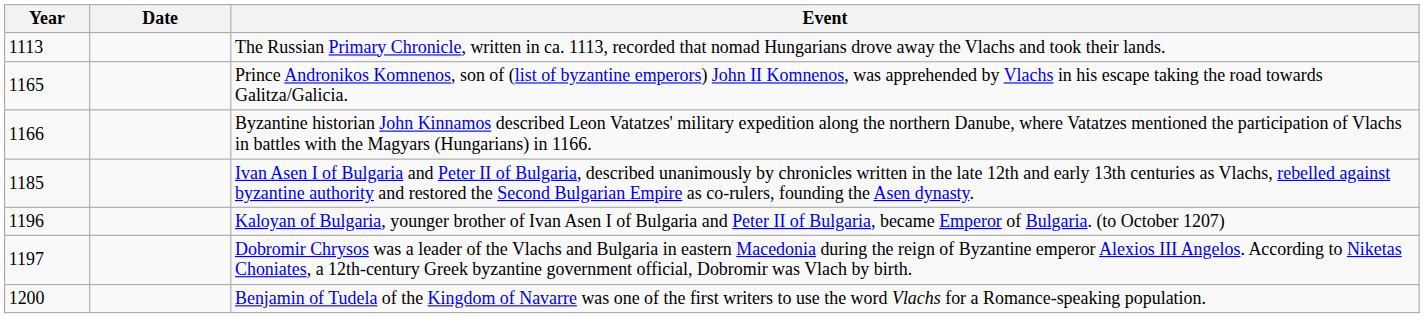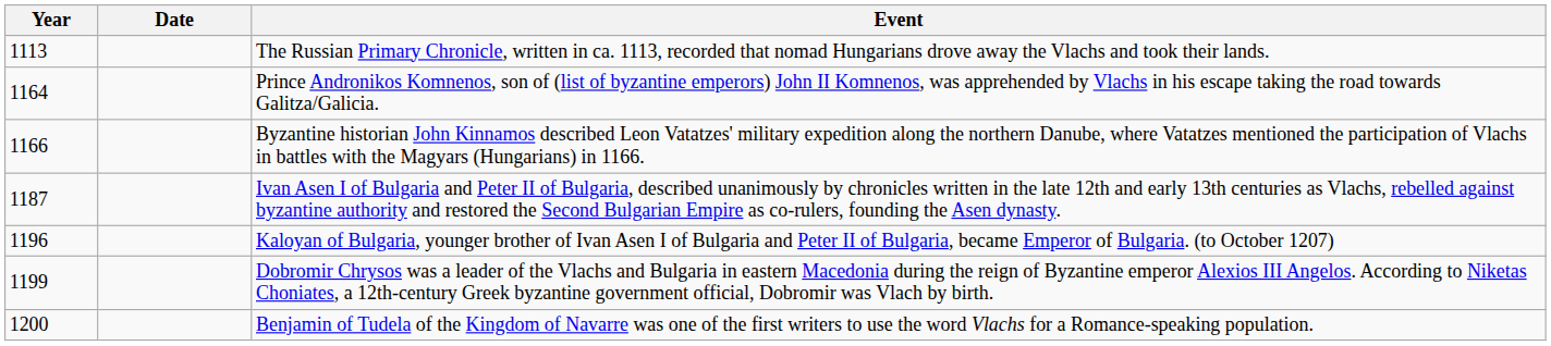 <table class="wikitable" width="100%">
 <tr>
 <th style="width:6%">Year</th>
 <th style="width:10%">Date</th>
 <th>Event</th>
 </tr>
 <tr>
 <td>1113</td>
 <td></td>
 <td>The Russian <a href='#'>Primary Chronicle</a>, written in ca. 1113, recorded that nomad Hungarians drove away the Vlachs and took their lands.</td>
 </tr>
 <tr>
-<td>1165</td>
+<td>1164</td>
 <td></td>
 <td>Prince <a href='#'>Andronikos Komnenos</a>, son of (<a href='#'>list of byzantine emperors</a>) <a href='#'>John II Komnenos</a>, was apprehended by <a href='#'>Vlachs</a> in his escape taking the road towards Galitza/Galicia.</td>
 </tr>
 <tr>
 <td>1166</td>
 <td></td>
 <td>Byzantine historian <a href='#'>John Kinnamos</a> described Leon Vatatzes' military expedition along the northern Danube, where Vatatzes mentioned the participation of Vlachs in battles with the Magyars (Hungarians) in 1166.</td>
 </tr>
 <tr>
-<td>1185</td>
+<td>1187</td>
 <td></td>
 <td><a href='#'>Ivan Asen I of Bulgaria</a> and <a href='#'>Peter II of Bulgaria</a>, described unanimously by chronicles written in the late 12th and early 13th centuries as Vlachs, <a href='#'>rebelled against byzantine authority</a> and restored the <a href='#'>Second Bulgarian Empire</a> as co-rulers, founding the <a href='#'>Asen dynasty</a>.</td>
 </tr>
 <tr>
 <td>1196</td>
 <td></td>
 <td><a href='#'>Kaloyan of Bulgaria</a>, younger brother of Ivan Asen I of Bulgaria and <a href='#'>Peter II of Bulgaria</a>, became <a href='#'>Emperor</a> of <a href='#'>Bulgaria</a>. (to October 1207)</td>
 </tr>
 <tr>
-<td>1197</td>
+<td>1199</td>
 <td></td>
 <td><a href='#'>Dobromir Chrysos</a> was a leader of the Vlachs and Bulgaria in eastern <a href='#'>Macedonia</a> during the reign of Byzantine emperor <a href='#'>Alexios III Angelos</a>. According to <a href='#'>Niketas Choniates</a>, a 12th-century Greek byzantine government official, Dobromir was Vlach by birth.</td>
 </tr>
 <tr>
 <td>1200</td>
 <td></td>
 <td><a href='#'>Benjamin of Tudela</a> of the <a href='#'>Kingdom of Navarre</a> was one of the first writers to use the word <em>Vlachs</em> for a Romance-speaking population.</td>
 </tr>
 </table>
